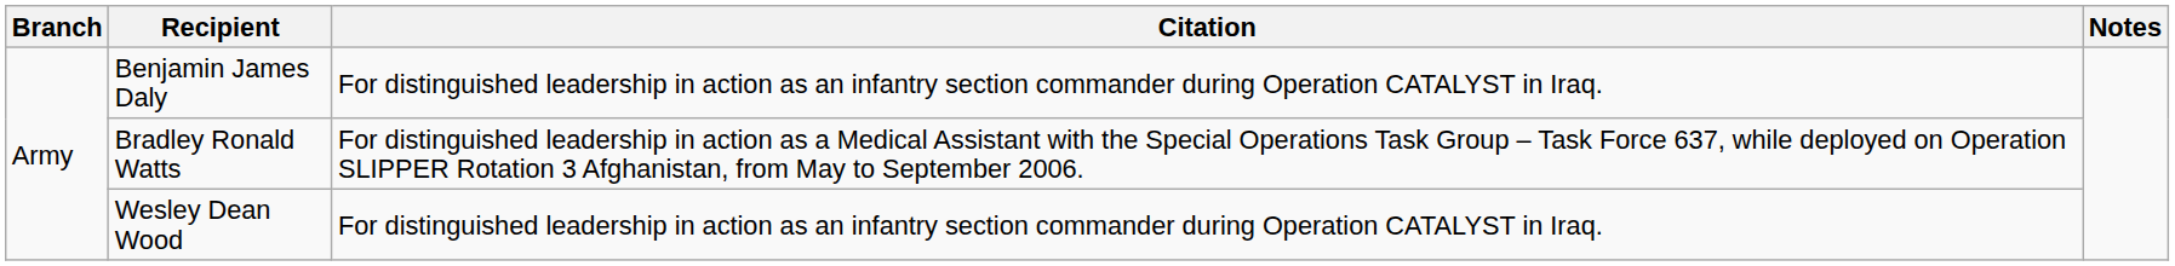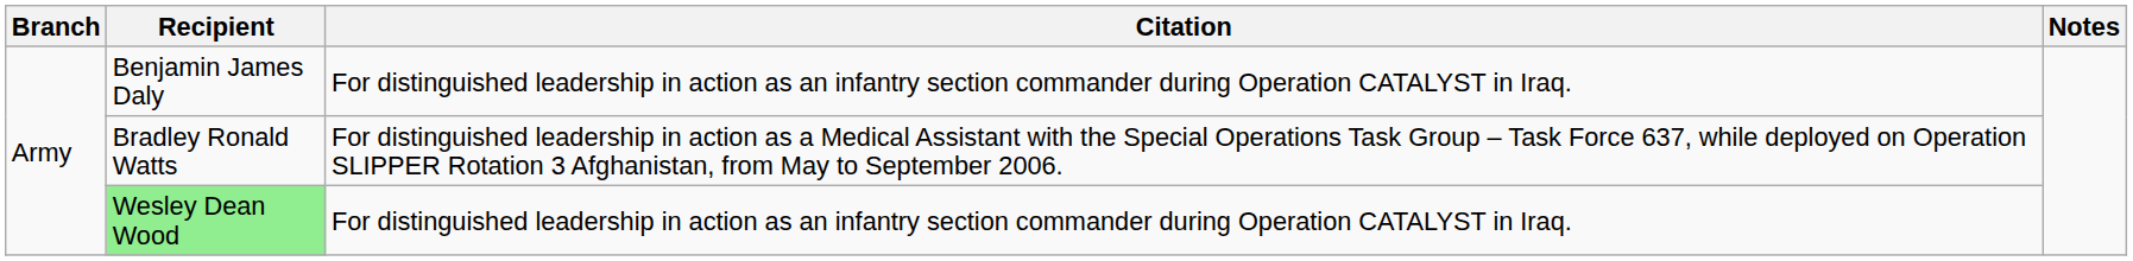 <table class="wikitable" style="font-size:95%;">
 <tr>
 <th>Branch</th>
 <th>Recipient</th>
 <th>Citation</th>
 <th>Notes</th>
 </tr>
 <tr>
 <td rowspan=3>Army</td>
 <td> Benjamin James Daly</td>
 <td>For distinguished leadership in action as an infantry section commander during Operation CATALYST in Iraq.</td>
 <td rowspan=3></td>
 </tr>
 <tr>
 <td> Bradley Ronald Watts</td>
 <td>For distinguished leadership in action as a Medical Assistant with the Special Operations Task Group – Task Force 637, while deployed on Operation SLIPPER Rotation 3 Afghanistan, from May to September 2006.</td>
 </tr>
 <tr>
-<td> Wesley Dean Wood</td>
+<td style="background: lightgreen;"> Wesley Dean Wood</td>
 <td>For distinguished leadership in action as an infantry section commander during Operation CATALYST in Iraq.</td>
 </tr>
 </table>
